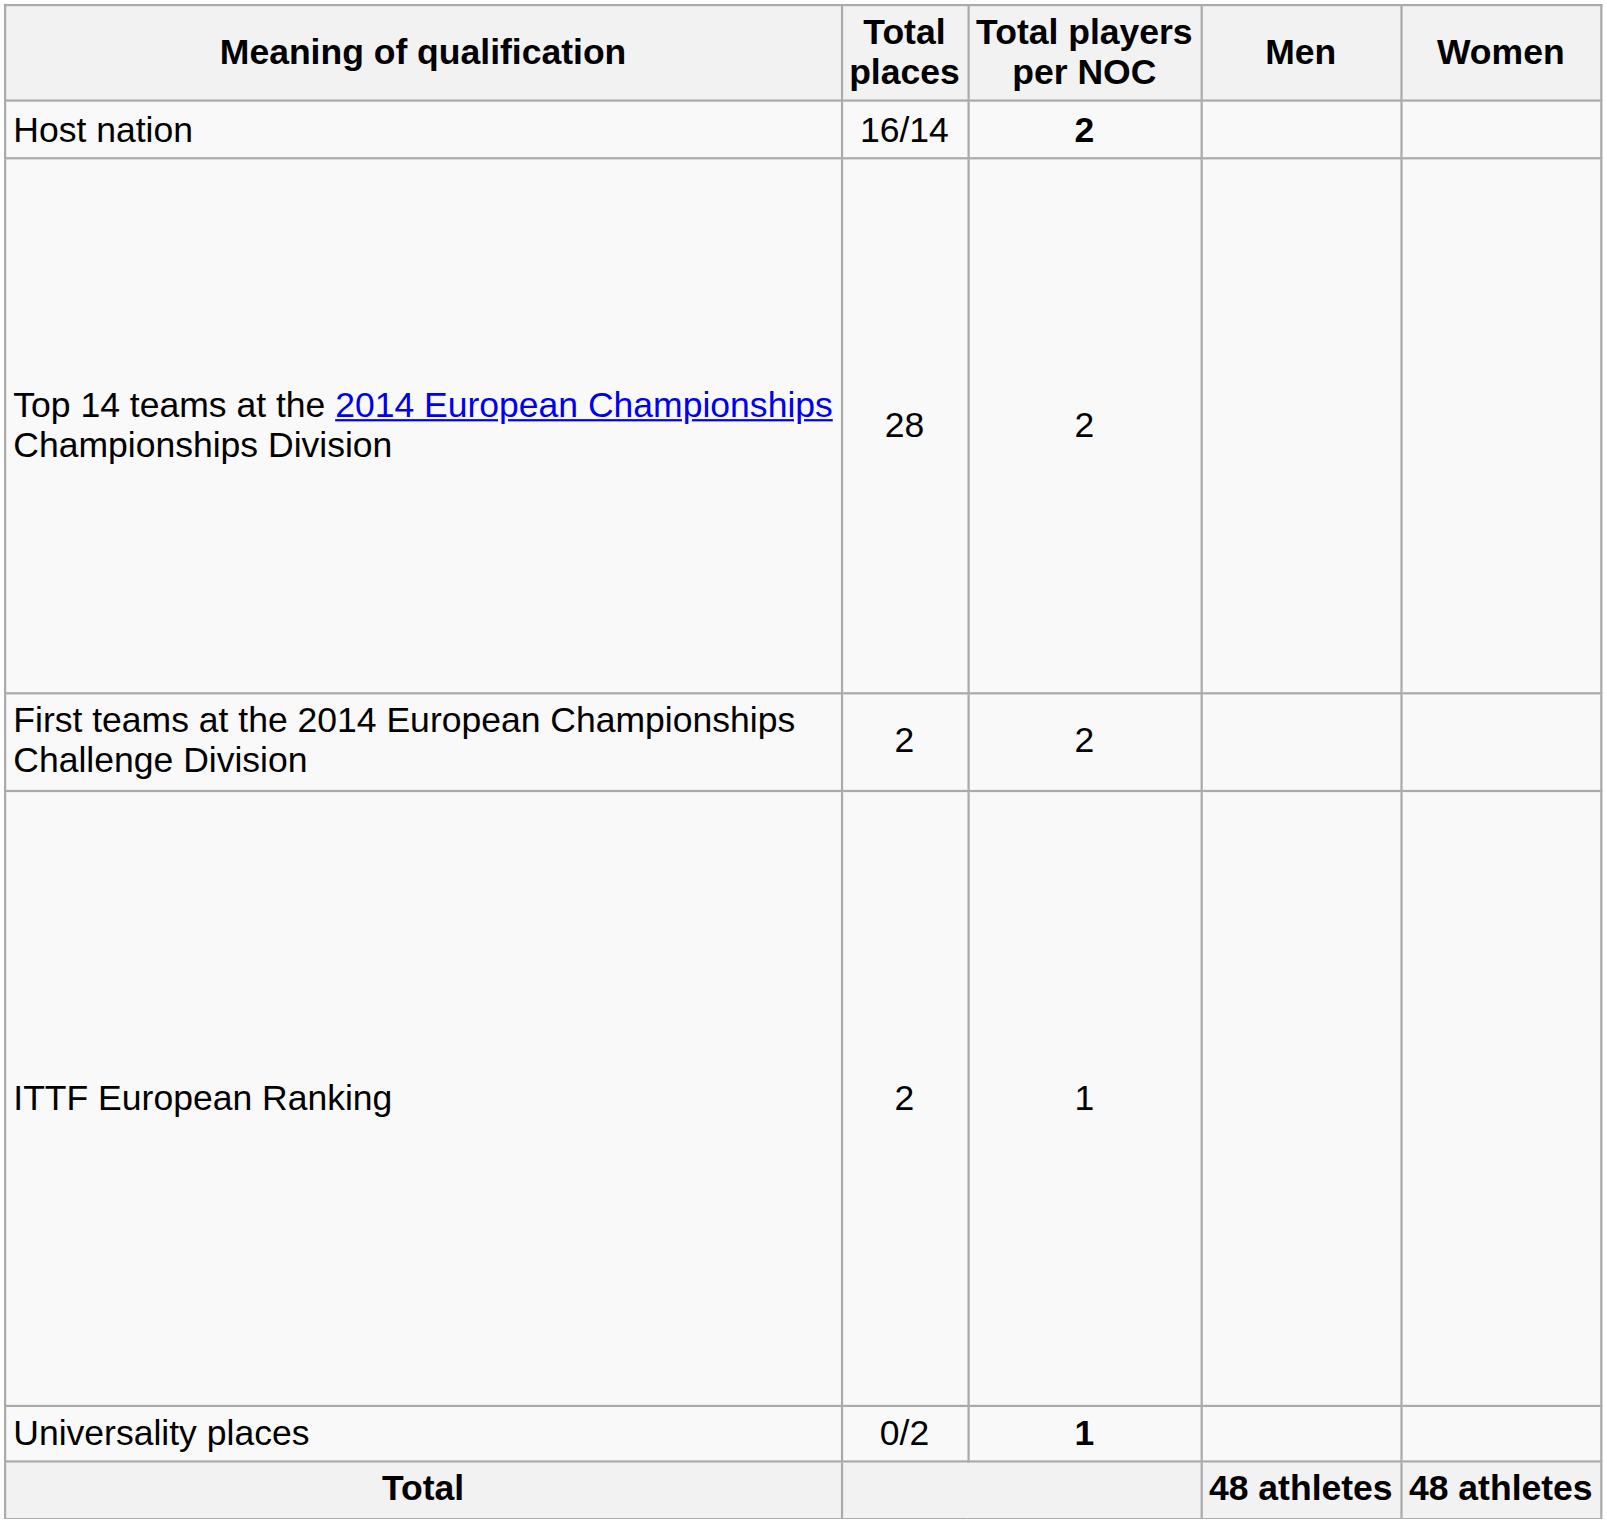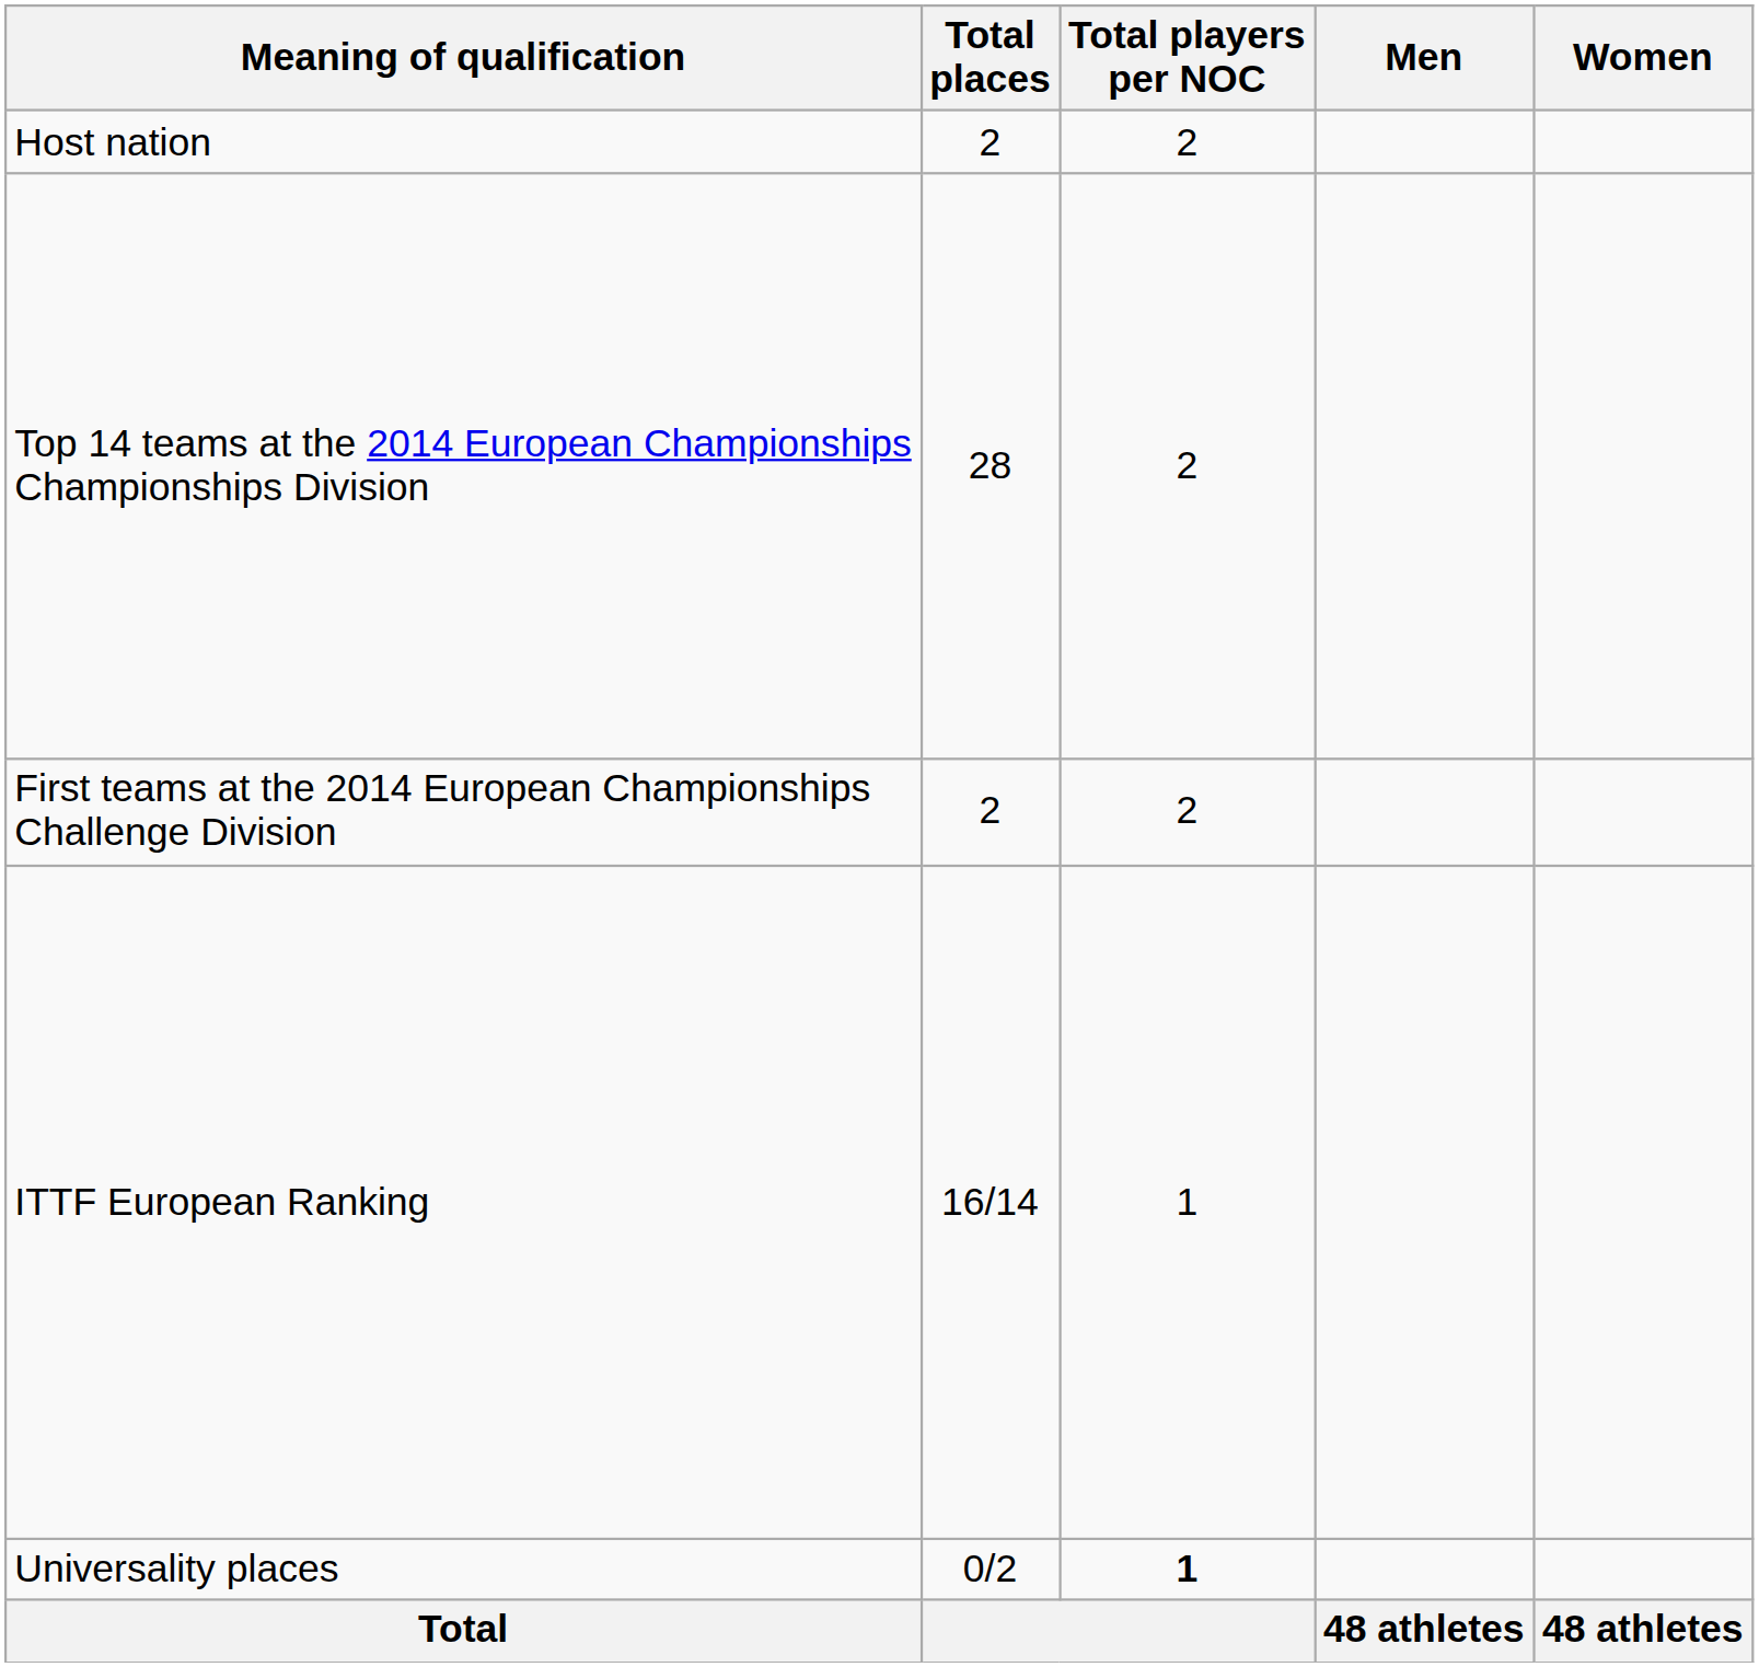 <table class="wikitable">
 <tr>
 <th>Meaning of qualification</th>
 <th>Total<br>places</th>
 <th>Total players<br>per NOC</th>
 <th>Men</th>
 <th>Women</th>
 </tr>
 <tr>
 <td>Host nation</td>
-<td align="center">16/14</td>
-<td align="center"><strong>2</strong></td>
+<td align="center">2</td>
+<td align="center">2</td>
 <td></td>
 <td></td>
 </tr>
 <tr>
 <td>Top 14 teams at the <a href='#'>2014 European Championships</a><br>Championships Division</td>
 <td align="center">28</td>
 <td align="center">2</td>
 <td><br><br><br><br><br><br><br><br><br><br><br><br><br></td>
 <td><br><br><br><br><br><br><br><br><br><br><br><br><br></td>
 </tr>
 <tr>
 <td>First teams at the 2014 European Championships<br>Challenge Division</td>
 <td align="center">2</td>
 <td align="center">2</td>
 <td></td>
 <td></td>
 </tr>
 <tr>
 <td>ITTF European Ranking</td>
-<td align="center">2</td>
+<td align="center">16/14</td>
 <td align="center">1</td>
 <td><br><br><br><br><br><br><br><br><br><br><br><br><br><br><br></td>
 <td><br><br><br><br><br><br><br><br><br><br><br><br><br></td>
 </tr>
 <tr>
 <td>Universality places</td>
 <td align="center">0/2</td>
 <td align="center"><strong>1</strong></td>
 <td></td>
 <td><br></td>
 </tr>
 <tr>
 <th>Total</th>
 <th colspan=2></th>
 <th>48 athletes</th>
 <th>48 athletes</th>
 </tr>
 </table>
